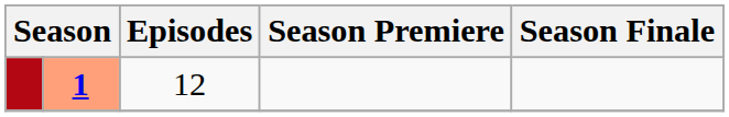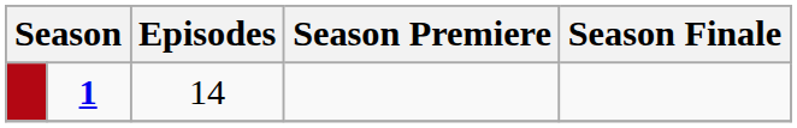 <table class="wikitable">
 <tr>
 <th colspan="2">Season</th>
 <th>Episodes</th>
 <th>Season Premiere</th>
 <th>Season Finale</th>
 </tr>
 <tr>
 <td bgcolor=#B30713 height="5px"></td>
-<td align="center" style="background: lightsalmon;"><strong><a href='#'>1</a></strong></td>
-<td align="center">12</td>
+<td align="center"><strong><a href='#'>1</a></strong></td>
+<td align="center">14</td>
 <td align="center"></td>
 <td align="center"></td>
 </tr>
 <tr>
 </tr>
 </table>
